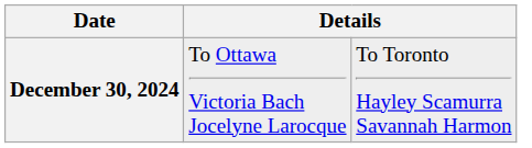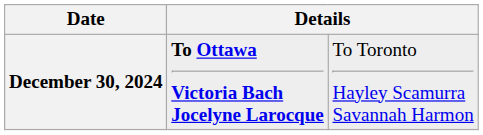 <table class="wikitable">
 <tr>
 <th scope="col">Date</th>
 <th scope="colgroup" colspan="2">Details</th>
 </tr>
 <tr style="background:#eee;">
 <th scope="row">December 30, 2024</th>
-<td valign="top">To <a href='#'>Ottawa</a><hr><a href='#'>Victoria Bach</a><br><a href='#'>Jocelyne Larocque</a></td>
+<td valign="top"><strong>To <a href='#'>Ottawa</a><hr><a href='#'>Victoria Bach</a><br><a href='#'>Jocelyne Larocque</a></strong></td>
 <td valign="top">To Toronto<hr><a href='#'>Hayley Scamurra</a><br><a href='#'>Savannah Harmon</a></td>
 </tr>
 </table>
